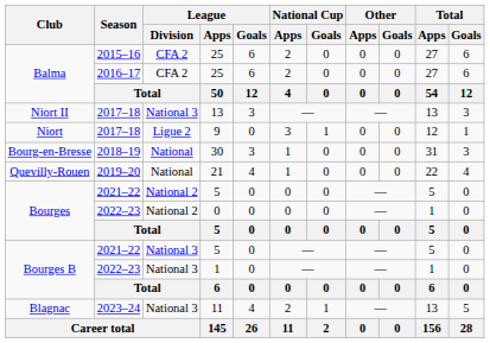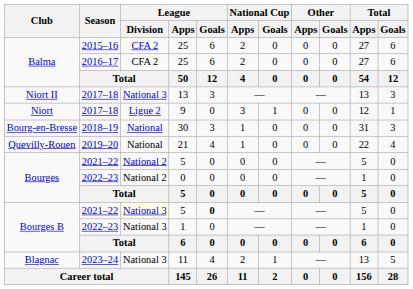 <table class="wikitable" style="text-align:center">
 <tr>
 <th rowspan="2">Club</th>
 <th rowspan="2">Season</th>
 <th colspan="3">League</th>
 <th colspan="2">National Cup</th>
 <th colspan="2">Other</th>
 <th colspan="2">Total</th>
 </tr>
 <tr>
 <th>Division</th>
 <th>Apps</th>
 <th>Goals</th>
 <th>Apps</th>
 <th>Goals</th>
 <th>Apps</th>
 <th>Goals</th>
 <th>Apps</th>
 <th>Goals</th>
 </tr>
 <tr>
 <td rowspan="3"><a href='#'>Balma</a></td>
 <td><a href='#'>2015–16</a></td>
 <td><a href='#'>CFA 2</a></td>
 <td>25</td>
 <td>6</td>
 <td>2</td>
 <td>0</td>
 <td>0</td>
 <td>0</td>
 <td>27</td>
 <td>6</td>
 </tr>
 <tr>
 <td><a href='#'>2016–17</a></td>
 <td>CFA 2</td>
 <td>25</td>
 <td>6</td>
 <td>2</td>
 <td>0</td>
 <td>0</td>
 <td>0</td>
 <td>27</td>
 <td>6</td>
 </tr>
 <tr>
 <th colspan="2">Total</th>
 <th>50</th>
 <th>12</th>
 <th>4</th>
 <th>0</th>
 <th>0</th>
 <th>0</th>
 <th>54</th>
 <th>12</th>
 </tr>
 <tr>
 <td><a href='#'>Niort II</a></td>
 <td><a href='#'>2017–18</a></td>
 <td><a href='#'>National 3</a></td>
 <td>13</td>
 <td>3</td>
 <td colspan="2">—</td>
 <td colspan="2">—</td>
 <td>13</td>
 <td>3</td>
 </tr>
 <tr>
 <td><a href='#'>Niort</a></td>
 <td><a href='#'>2017–18</a></td>
 <td><a href='#'>Ligue 2</a></td>
 <td>9</td>
 <td>0</td>
 <td>3</td>
 <td>1</td>
 <td>0</td>
 <td>0</td>
 <td>12</td>
 <td>1</td>
 </tr>
 <tr>
 <td><a href='#'>Bourg-en-Bresse</a></td>
 <td><a href='#'>2018–19</a></td>
 <td><a href='#'>National</a></td>
 <td>30</td>
 <td>3</td>
 <td>1</td>
 <td>0</td>
 <td>0</td>
 <td>0</td>
 <td>31</td>
 <td>3</td>
 </tr>
 <tr>
 <td><a href='#'>Quevilly-Rouen</a></td>
 <td><a href='#'>2019–20</a></td>
 <td>National</td>
 <td>21</td>
 <td>4</td>
 <td>1</td>
 <td>0</td>
 <td>0</td>
 <td>0</td>
 <td>22</td>
 <td>4</td>
 </tr>
 <tr>
 <td rowspan=3><a href='#'>Bourges</a></td>
 <td><a href='#'>2021–22</a></td>
 <td><a href='#'>National 2</a></td>
 <td>5</td>
 <td>0</td>
 <td>0</td>
 <td>0</td>
 <td colspan="2">—</td>
 <td>5</td>
 <td>0</td>
 </tr>
 <tr>
 <td><a href='#'>2022–23</a></td>
 <td>National 2</td>
 <td>0</td>
 <td>0</td>
 <td>0</td>
 <td>0</td>
 <td colspan="2">—</td>
 <td>1</td>
 <td>0</td>
 </tr>
 <tr>
 <th colspan=2>Total</th>
 <th>5</th>
 <th>0</th>
 <th>0</th>
 <th>0</th>
 <th>0</th>
 <th>0</th>
 <th>5</th>
 <th>0</th>
 </tr>
 <tr>
 <td rowspan=3><a href='#'>Bourges B</a></td>
 <td><a href='#'>2021–22</a></td>
-<td><a href='#'>National 3</a></td>
+<td style="background: lightyellow;"><a href='#'>National 3</a></td>
 <td>5</td>
-<td>0</td>
+<td><strong>0</strong></td>
 <td colspan="2">—</td>
 <td colspan="2">—</td>
 <td>5</td>
 <td>0</td>
 </tr>
 <tr>
 <td><a href='#'>2022–23</a></td>
 <td>National 3</td>
 <td>1</td>
 <td>0</td>
 <td colspan="2">—</td>
 <td colspan="2">—</td>
 <td>1</td>
 <td>0</td>
 </tr>
 <tr>
 <th colspan=2>Total</th>
 <th>6</th>
 <th>0</th>
 <th>0</th>
 <th>0</th>
 <th>0</th>
 <th>0</th>
 <th>6</th>
 <th>0</th>
 </tr>
 <tr>
 <td><a href='#'>Blagnac</a></td>
 <td><a href='#'>2023–24</a></td>
 <td>National 3</td>
 <td>11</td>
 <td>4</td>
 <td>2</td>
 <td>1</td>
 <td colspan="2">—</td>
 <td>13</td>
 <td>5</td>
 </tr>
 <tr>
 <th colspan="3">Career total</th>
 <th>145</th>
 <th>26</th>
 <th>11</th>
 <th>2</th>
 <th>0</th>
 <th>0</th>
 <th>156</th>
 <th>28</th>
 </tr>
 </table>
